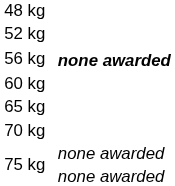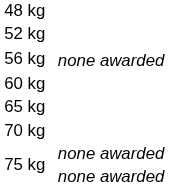 <table>
 <tr>
 <td rowspan=2>48 kg</td>
 <td rowspan=2></td>
 <td rowspan=2></td>
 <td></td>
 </tr>
 <tr>
 <td></td>
 </tr>
 <tr>
 <td rowspan=2>52 kg</td>
 <td rowspan=2></td>
 <td rowspan=2></td>
 <td></td>
 </tr>
 <tr>
 <td></td>
 </tr>
 <tr>
 <td rowspan=2>56 kg</td>
 <td rowspan=2></td>
 <td rowspan=2></td>
 <td></td>
 </tr>
 <tr>
-<td><strong><em>none awarded</em></strong></td>
+<td><em>none awarded</em></td>
 </tr>
 <tr>
 <td rowspan=2>60 kg</td>
 <td rowspan=2></td>
 <td rowspan=2></td>
 <td></td>
 </tr>
 <tr>
 <td></td>
 </tr>
 <tr>
 <td rowspan=2>65 kg</td>
 <td rowspan=2></td>
 <td rowspan=2></td>
 <td></td>
 </tr>
 <tr>
 <td></td>
 </tr>
 <tr>
 <td rowspan=2>70 kg</td>
 <td rowspan=2></td>
 <td rowspan=2></td>
 <td></td>
 </tr>
 <tr>
 <td></td>
 </tr>
 <tr>
 <td rowspan=2>75 kg</td>
 <td rowspan=2></td>
 <td rowspan=2></td>
 <td><em>none awarded</em></td>
 </tr>
 <tr>
 <td><em>none awarded</em></td>
 </tr>
 <tr>
 </tr>
 </table>
